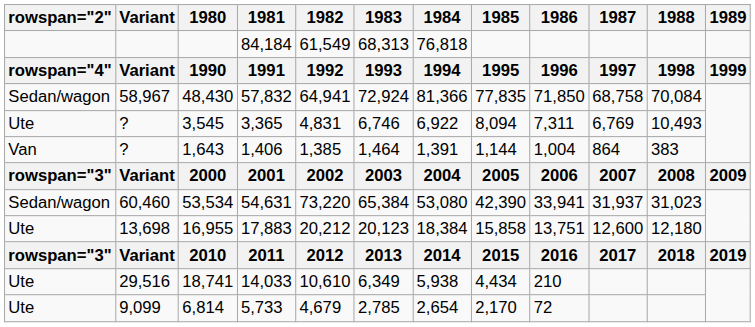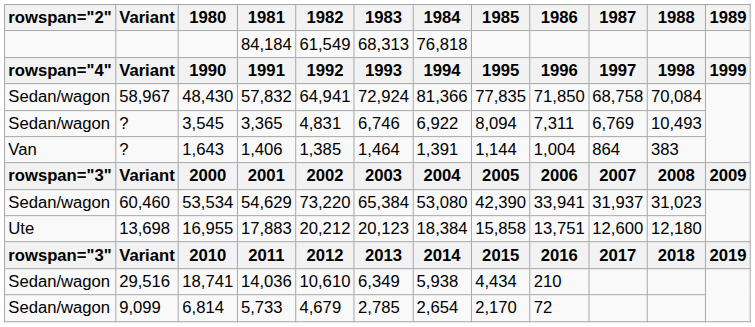 <table class = "wikitable">
 <tr>
 <th>rowspan="2" </th>
 <th>Variant</th>
 <th>1980<br></th>
 <th>1981<br></th>
 <th>1982<br></th>
 <th>1983<br></th>
 <th>1984<br></th>
 <th>1985<br></th>
 <th>1986<br></th>
 <th>1987<br></th>
 <th>1988<br></th>
 <th>1989<br></th>
 </tr>
 <tr>
 <td></td>
 <td></td>
 <td></td>
 <td>84,184</td>
 <td>61,549</td>
 <td>68,313</td>
 <td>76,818</td>
 <td></td>
 <td></td>
 <td></td>
 <td></td>
 </tr>
 <tr>
 <th>rowspan="4" </th>
 <th>Variant</th>
 <th>1990<br></th>
 <th>1991<br></th>
 <th>1992<br></th>
 <th>1993<br></th>
 <th>1994<br></th>
 <th>1995<br></th>
 <th>1996<br></th>
 <th>1997<br></th>
 <th>1998<br></th>
 <th>1999<br></th>
 </tr>
 <tr>
 <td>Sedan/wagon</td>
 <td>58,967</td>
 <td>48,430</td>
 <td>57,832</td>
 <td>64,941</td>
 <td>72,924</td>
 <td>81,366</td>
 <td>77,835</td>
 <td>71,850</td>
 <td>68,758</td>
 <td>70,084</td>
 </tr>
 <tr>
-<td>Ute</td>
+<td>Sedan/wagon</td>
 <td>?</td>
 <td>3,545</td>
 <td>3,365</td>
 <td>4,831</td>
 <td>6,746</td>
 <td>6,922</td>
 <td>8,094</td>
 <td>7,311</td>
 <td>6,769</td>
 <td>10,493</td>
 </tr>
 <tr>
 <td>Van</td>
 <td>?</td>
 <td>1,643</td>
 <td>1,406</td>
 <td>1,385</td>
 <td>1,464</td>
 <td>1,391</td>
 <td>1,144</td>
 <td>1,004</td>
 <td>864</td>
 <td>383</td>
 </tr>
 <tr>
 <th>rowspan="3" </th>
 <th>Variant</th>
 <th>2000<br></th>
 <th>2001<br></th>
 <th>2002<br></th>
 <th>2003<br></th>
 <th>2004<br></th>
 <th>2005<br></th>
 <th>2006<br></th>
 <th>2007<br></th>
 <th>2008<br></th>
 <th>2009<br></th>
 </tr>
 <tr>
 <td>Sedan/wagon</td>
 <td>60,460</td>
 <td>53,534</td>
-<td>54,631</td>
+<td>54,629</td>
 <td>73,220</td>
 <td>65,384</td>
 <td>53,080</td>
 <td>42,390</td>
 <td>33,941</td>
 <td>31,937</td>
 <td>31,023</td>
 </tr>
 <tr>
 <td>Ute</td>
 <td>13,698</td>
 <td>16,955</td>
 <td>17,883</td>
 <td>20,212</td>
 <td>20,123</td>
 <td>18,384</td>
 <td>15,858</td>
 <td>13,751</td>
 <td>12,600</td>
 <td>12,180</td>
 </tr>
 <tr>
 <th>rowspan="3" </th>
 <th>Variant</th>
 <th>2010<br></th>
 <th>2011<br></th>
 <th>2012<br></th>
 <th>2013<br></th>
 <th>2014<br></th>
 <th>2015<br></th>
 <th>2016<br></th>
 <th>2017<br></th>
 <th>2018</th>
 <th>2019</th>
 </tr>
 <tr>
-<td>Ute</td>
+<td>Sedan/wagon</td>
 <td>29,516</td>
 <td>18,741</td>
-<td>14,033</td>
+<td>14,036</td>
 <td>10,610</td>
 <td>6,349</td>
 <td>5,938</td>
 <td>4,434</td>
 <td>210</td>
 <td></td>
 <td></td>
 </tr>
 <tr>
-<td>Ute</td>
+<td>Sedan/wagon</td>
 <td>9,099</td>
 <td>6,814</td>
 <td>5,733</td>
 <td>4,679</td>
 <td>2,785</td>
 <td>2,654</td>
 <td>2,170</td>
 <td>72</td>
 <td></td>
 <td></td>
 </tr>
 </table>
